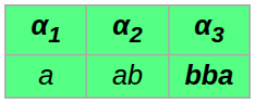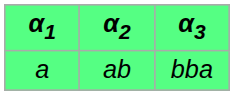 <table class="wikitable" style="text-align:center;background:#55FF83;font-style:italic;">
 <tr style="font-weight:bold;">
 <td width=40>α<sub>1</sub></td>
 <td width=40>α<sub>2</sub></td>
 <td width=40>α<sub>3</sub></td>
 </tr>
 <tr>
 <td>a</td>
 <td>ab</td>
-<td><strong>bba</strong></td>
+<td>bba</td>
 </tr>
 </table>
